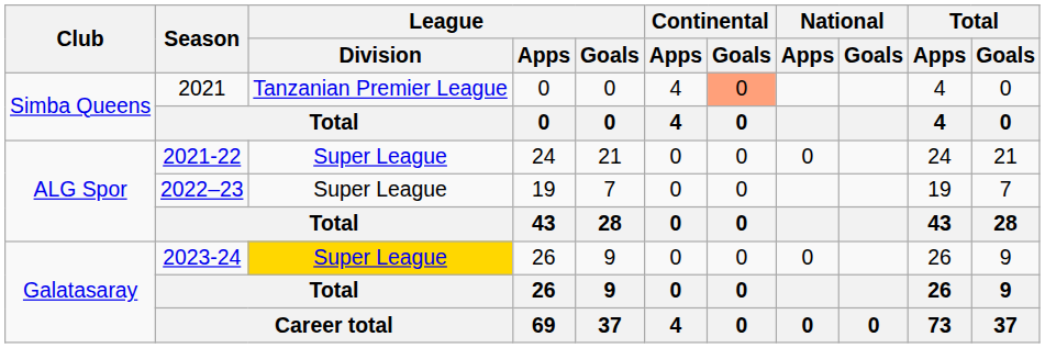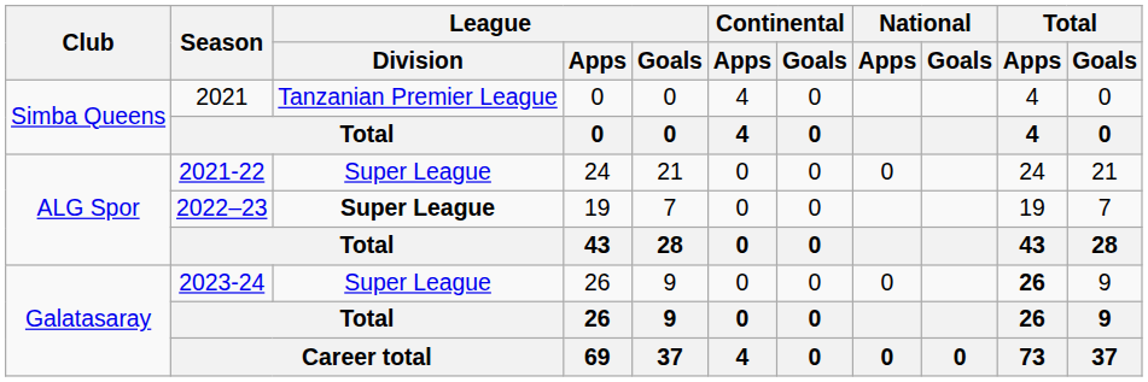 <table class="wikitable" style="text-align: center;">
 <tr>
 <th rowspan=2>Club</th>
 <th rowspan=2>Season</th>
 <th colspan=3>League</th>
 <th colspan=2>Continental</th>
 <th colspan=2>National</th>
 <th colspan=2>Total</th>
 </tr>
 <tr>
 <th>Division</th>
 <th>Apps</th>
 <th>Goals</th>
 <th>Apps</th>
 <th>Goals</th>
 <th>Apps</th>
 <th>Goals</th>
 <th>Apps</th>
 <th>Goals</th>
 </tr>
 <tr>
 <td rowspan=2><a href='#'>Simba Queens</a></td>
 <td>2021</td>
 <td><a href='#'>Tanzanian Premier League</a></td>
 <td>0</td>
 <td>0</td>
 <td>4</td>
-<td style="background: lightsalmon;">0</td>
+<td>0</td>
 <td></td>
 <td></td>
 <td>4</td>
 <td>0</td>
 </tr>
 <tr>
 <th colspan="2">Total</th>
 <th>0</th>
 <th>0</th>
 <th>4</th>
 <th>0</th>
 <th></th>
 <th></th>
 <th>4</th>
 <th>0</th>
 </tr>
 <tr>
 <td rowspan=3><a href='#'>ALG Spor</a></td>
 <td><a href='#'>2021-22</a></td>
 <td><a href='#'>Super League</a></td>
 <td>24</td>
 <td>21</td>
 <td>0</td>
 <td>0</td>
 <td>0</td>
 <td></td>
 <td>24</td>
 <td>21</td>
 </tr>
 <tr>
 <td><a href='#'>2022–23</a></td>
-<td>Super League</td>
+<td><strong>Super League</strong></td>
 <td>19</td>
 <td>7</td>
 <td>0</td>
 <td>0</td>
 <td></td>
 <td></td>
 <td>19</td>
 <td>7</td>
 </tr>
 <tr>
 <th colspan="2">Total</th>
 <th>43</th>
 <th>28</th>
 <th>0</th>
 <th>0</th>
 <th></th>
 <th></th>
 <th>43</th>
 <th>28</th>
 </tr>
 <tr>
 <td rowspan=3><a href='#'>Galatasaray</a></td>
 <td><a href='#'>2023-24</a></td>
-<td style="background: gold;"><a href='#'>Super League</a></td>
+<td><a href='#'>Super League</a></td>
 <td>26</td>
 <td>9</td>
 <td>0</td>
 <td>0</td>
 <td>0</td>
 <td></td>
-<td>26</td>
+<td><strong>26</strong></td>
 <td>9</td>
 </tr>
 <tr>
 <th colspan="2">Total</th>
 <th>26</th>
 <th>9</th>
 <th>0</th>
 <th>0</th>
 <th></th>
 <th></th>
 <th>26</th>
 <th>9</th>
 </tr>
 <tr>
 <th colspan="2">Career total</th>
 <th>69</th>
 <th>37</th>
 <th>4</th>
 <th>0</th>
 <th>0</th>
 <th>0</th>
 <th>73</th>
 <th>37</th>
 </tr>
 </table>
